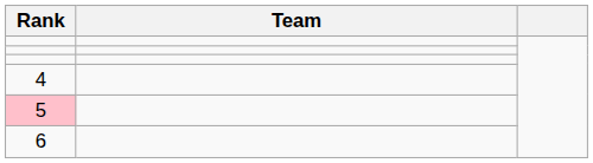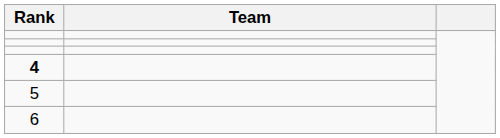 <table class="wikitable" style="text-align: center;">
 <tr>
 <th width=50>Rank</th>
 <th width=350>Team</th>
 <th width=50></th>
 </tr>
 <tr>
 <td></td>
 <td align="left"></td>
 <td rowspan=6><br></td>
 </tr>
 <tr>
 <td></td>
 <td align="left"></td>
 </tr>
 <tr>
 <td></td>
 <td align="left"></td>
 </tr>
 <tr>
-<td>4</td>
+<td><strong>4</strong></td>
 <td align="left"></td>
 </tr>
 <tr>
-<td style="background: pink;">5</td>
+<td>5</td>
 <td align="left"></td>
 </tr>
 <tr>
 <td>6</td>
 <td align="left"></td>
 </tr>
 </table>
